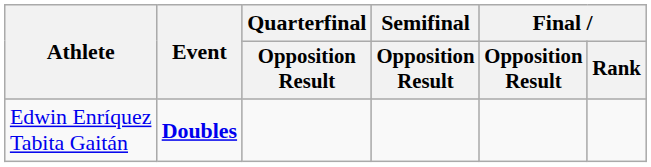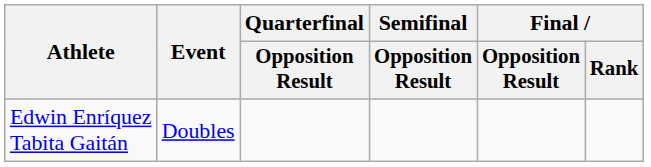 <table class=wikitable style=font-size:90%>
 <tr>
 <th rowspan=2>Athlete</th>
 <th rowspan=2>Event</th>
 <th>Quarterfinal</th>
 <th>Semifinal</th>
 <th colspan=2>Final / </th>
 </tr>
 <tr style=font-size:95%>
 <th>Opposition<br>Result</th>
 <th>Opposition<br>Result</th>
 <th>Opposition<br>Result</th>
 <th>Rank</th>
 </tr>
 <tr>
 <td align=left><a href='#'>Edwin Enríquez</a><br><a href='#'>Tabita Gaitán</a></td>
-<td align=left><strong><a href='#'>Doubles</a></strong></td>
+<td align=left><a href='#'>Doubles</a></td>
 <td></td>
 <td></td>
 <td></td>
 <td></td>
 </tr>
 </table>
